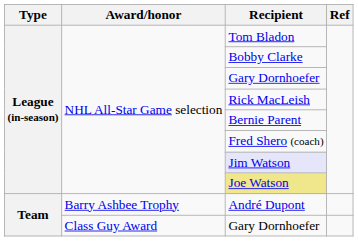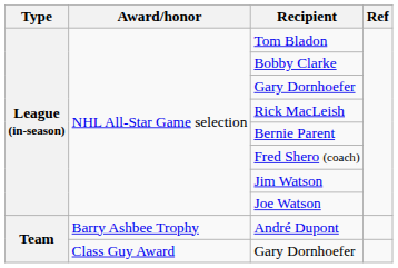 <table class="wikitable">
 <tr>
 <th scope="col">Type</th>
 <th scope="col">Award/honor</th>
 <th scope="col">Recipient</th>
 <th scope="col">Ref</th>
 </tr>
 <tr>
 <th scope="row" rowspan="8">League<br><small>(in-season)</small></th>
 <td rowspan="8"><a href='#'>NHL All-Star Game</a> selection</td>
 <td><a href='#'>Tom Bladon</a></td>
 <td rowspan="8"></td>
 </tr>
 <tr>
 <td><a href='#'>Bobby Clarke</a></td>
 </tr>
 <tr>
 <td><a href='#'>Gary Dornhoefer</a></td>
 </tr>
 <tr>
 <td><a href='#'>Rick MacLeish</a></td>
 </tr>
 <tr>
 <td><a href='#'>Bernie Parent</a></td>
 </tr>
 <tr>
 <td><a href='#'>Fred Shero</a> <small>(coach)</small></td>
 </tr>
 <tr>
-<td style="background: lavender;"><a href='#'>Jim Watson</a></td>
+<td><a href='#'>Jim Watson</a></td>
 </tr>
 <tr>
-<td style="background: khaki;"><a href='#'>Joe Watson</a></td>
+<td><a href='#'>Joe Watson</a></td>
 </tr>
 <tr>
 <th scope="row" rowspan="2">Team</th>
 <td><a href='#'>Barry Ashbee Trophy</a></td>
 <td><a href='#'>André Dupont</a></td>
 <td></td>
 </tr>
 <tr>
 <td><a href='#'>Class Guy Award</a></td>
 <td>Gary Dornhoefer</td>
 <td></td>
 </tr>
 </table>
